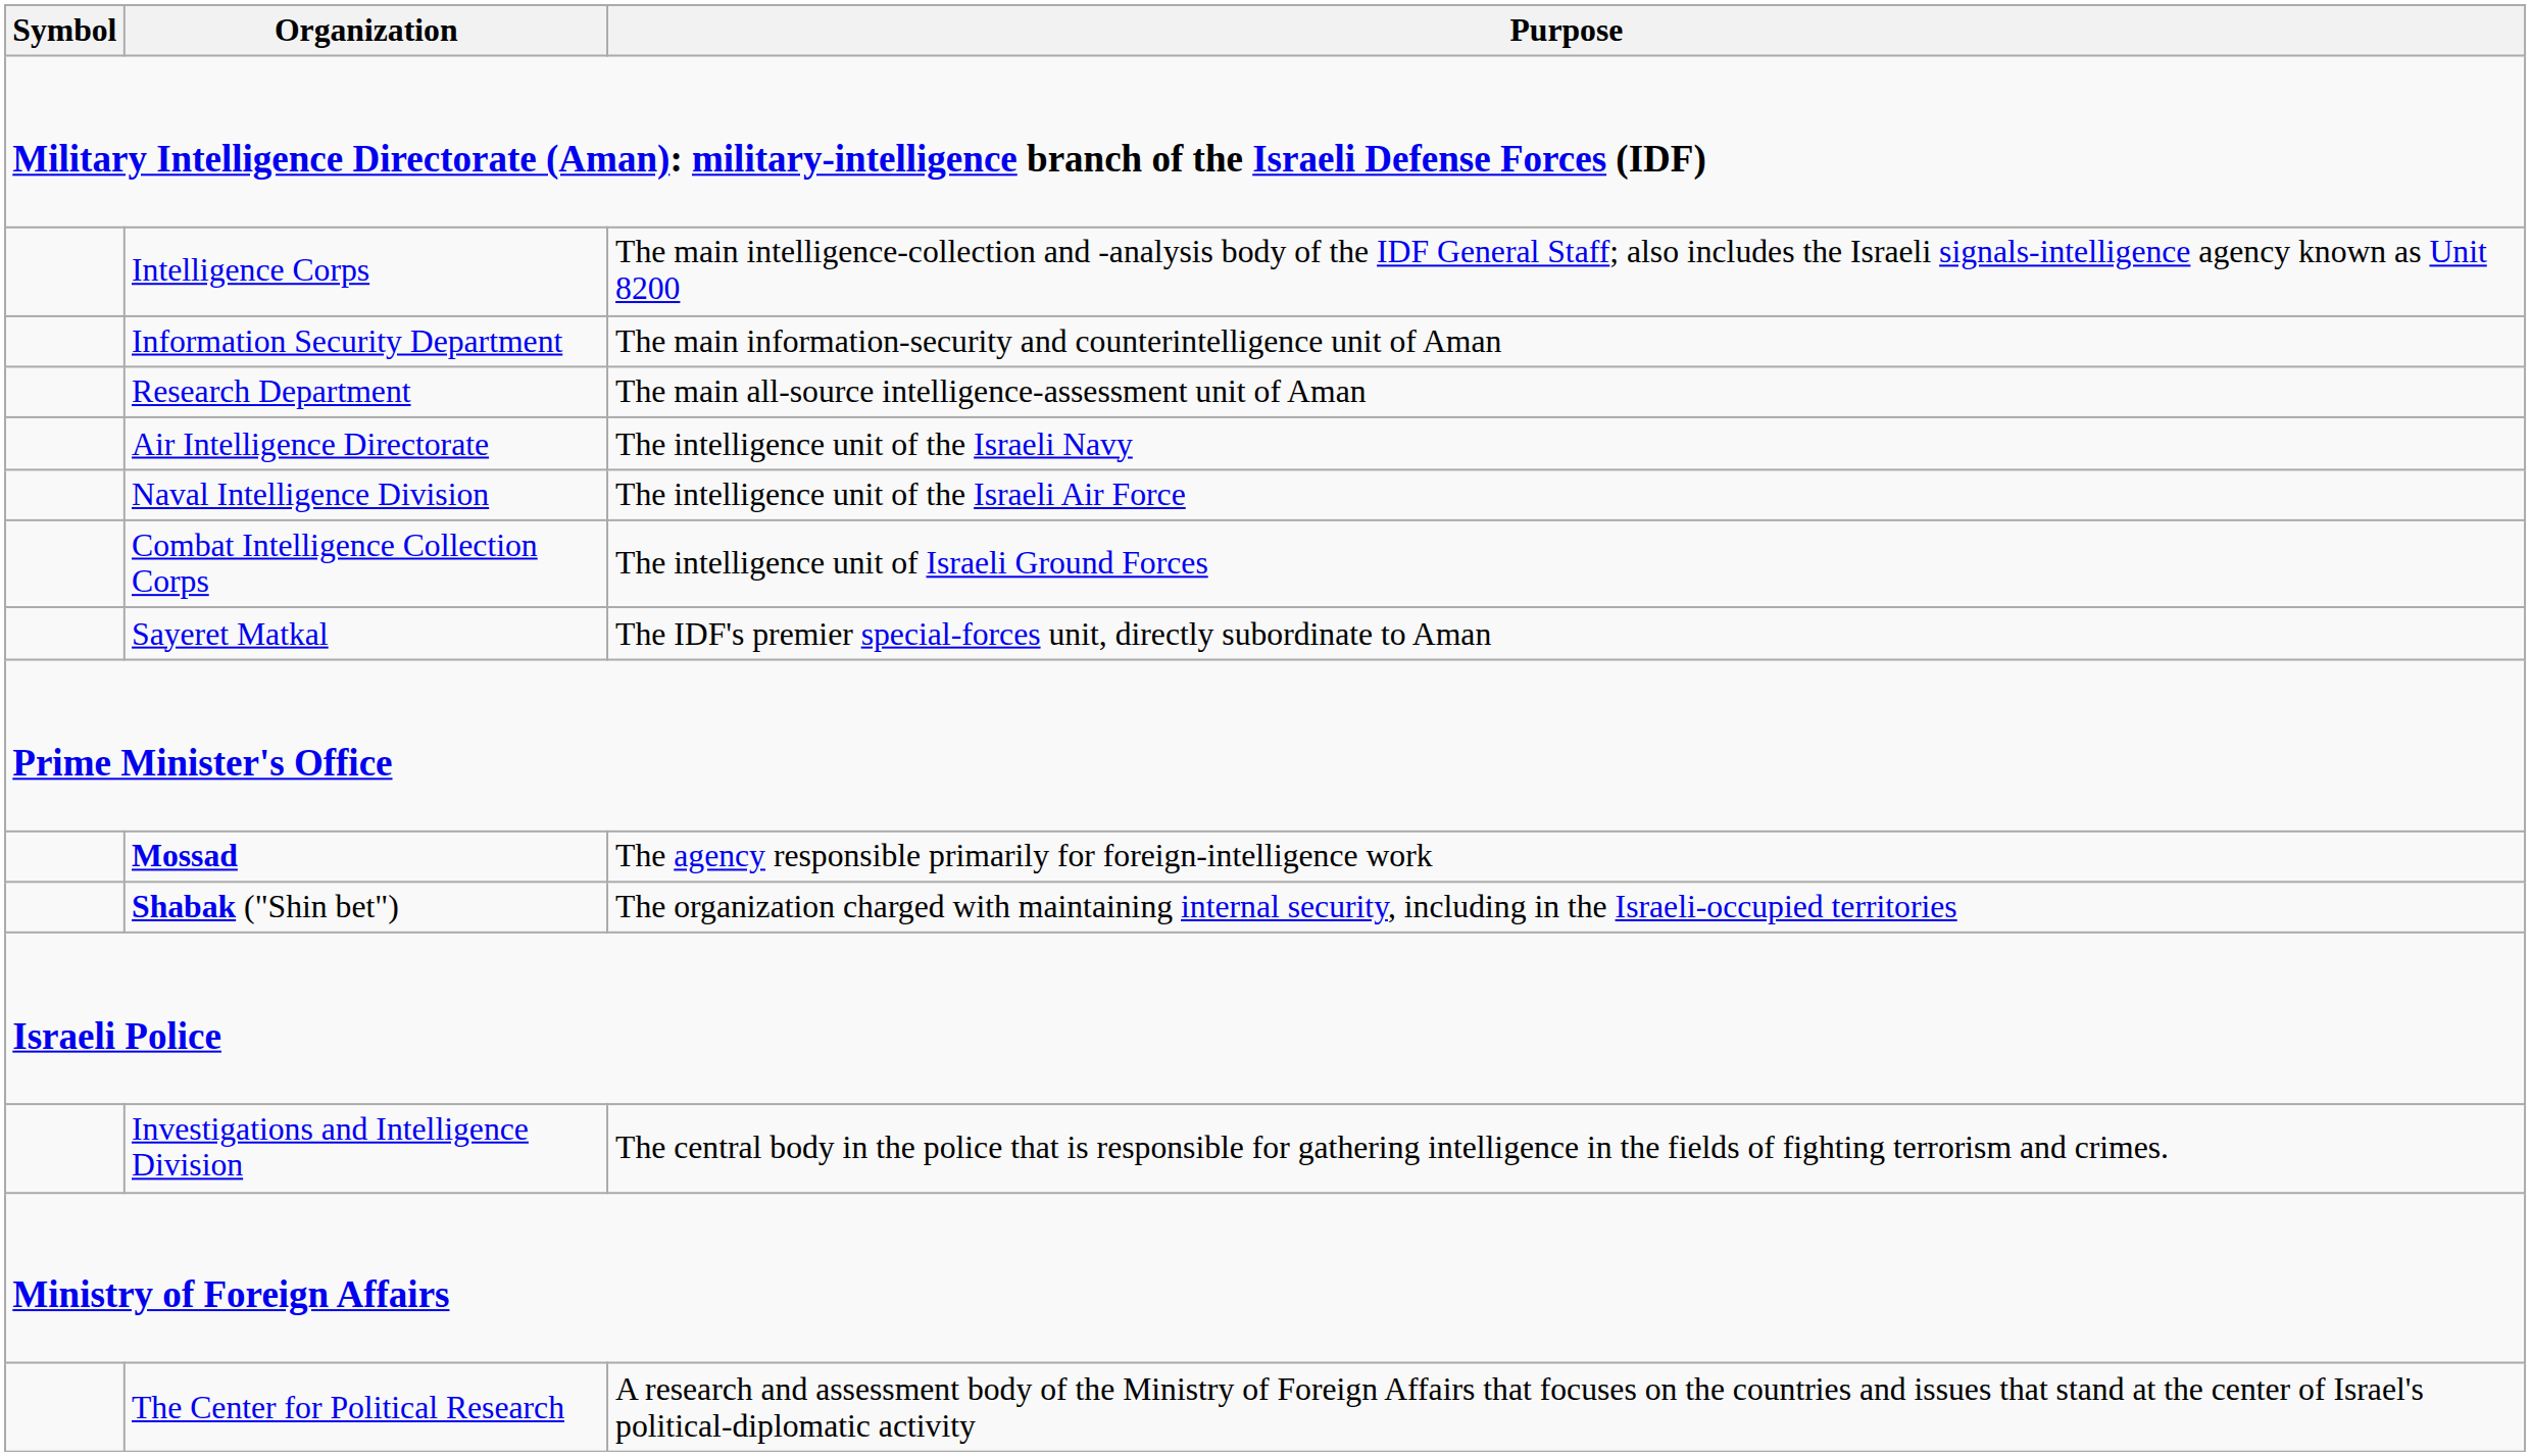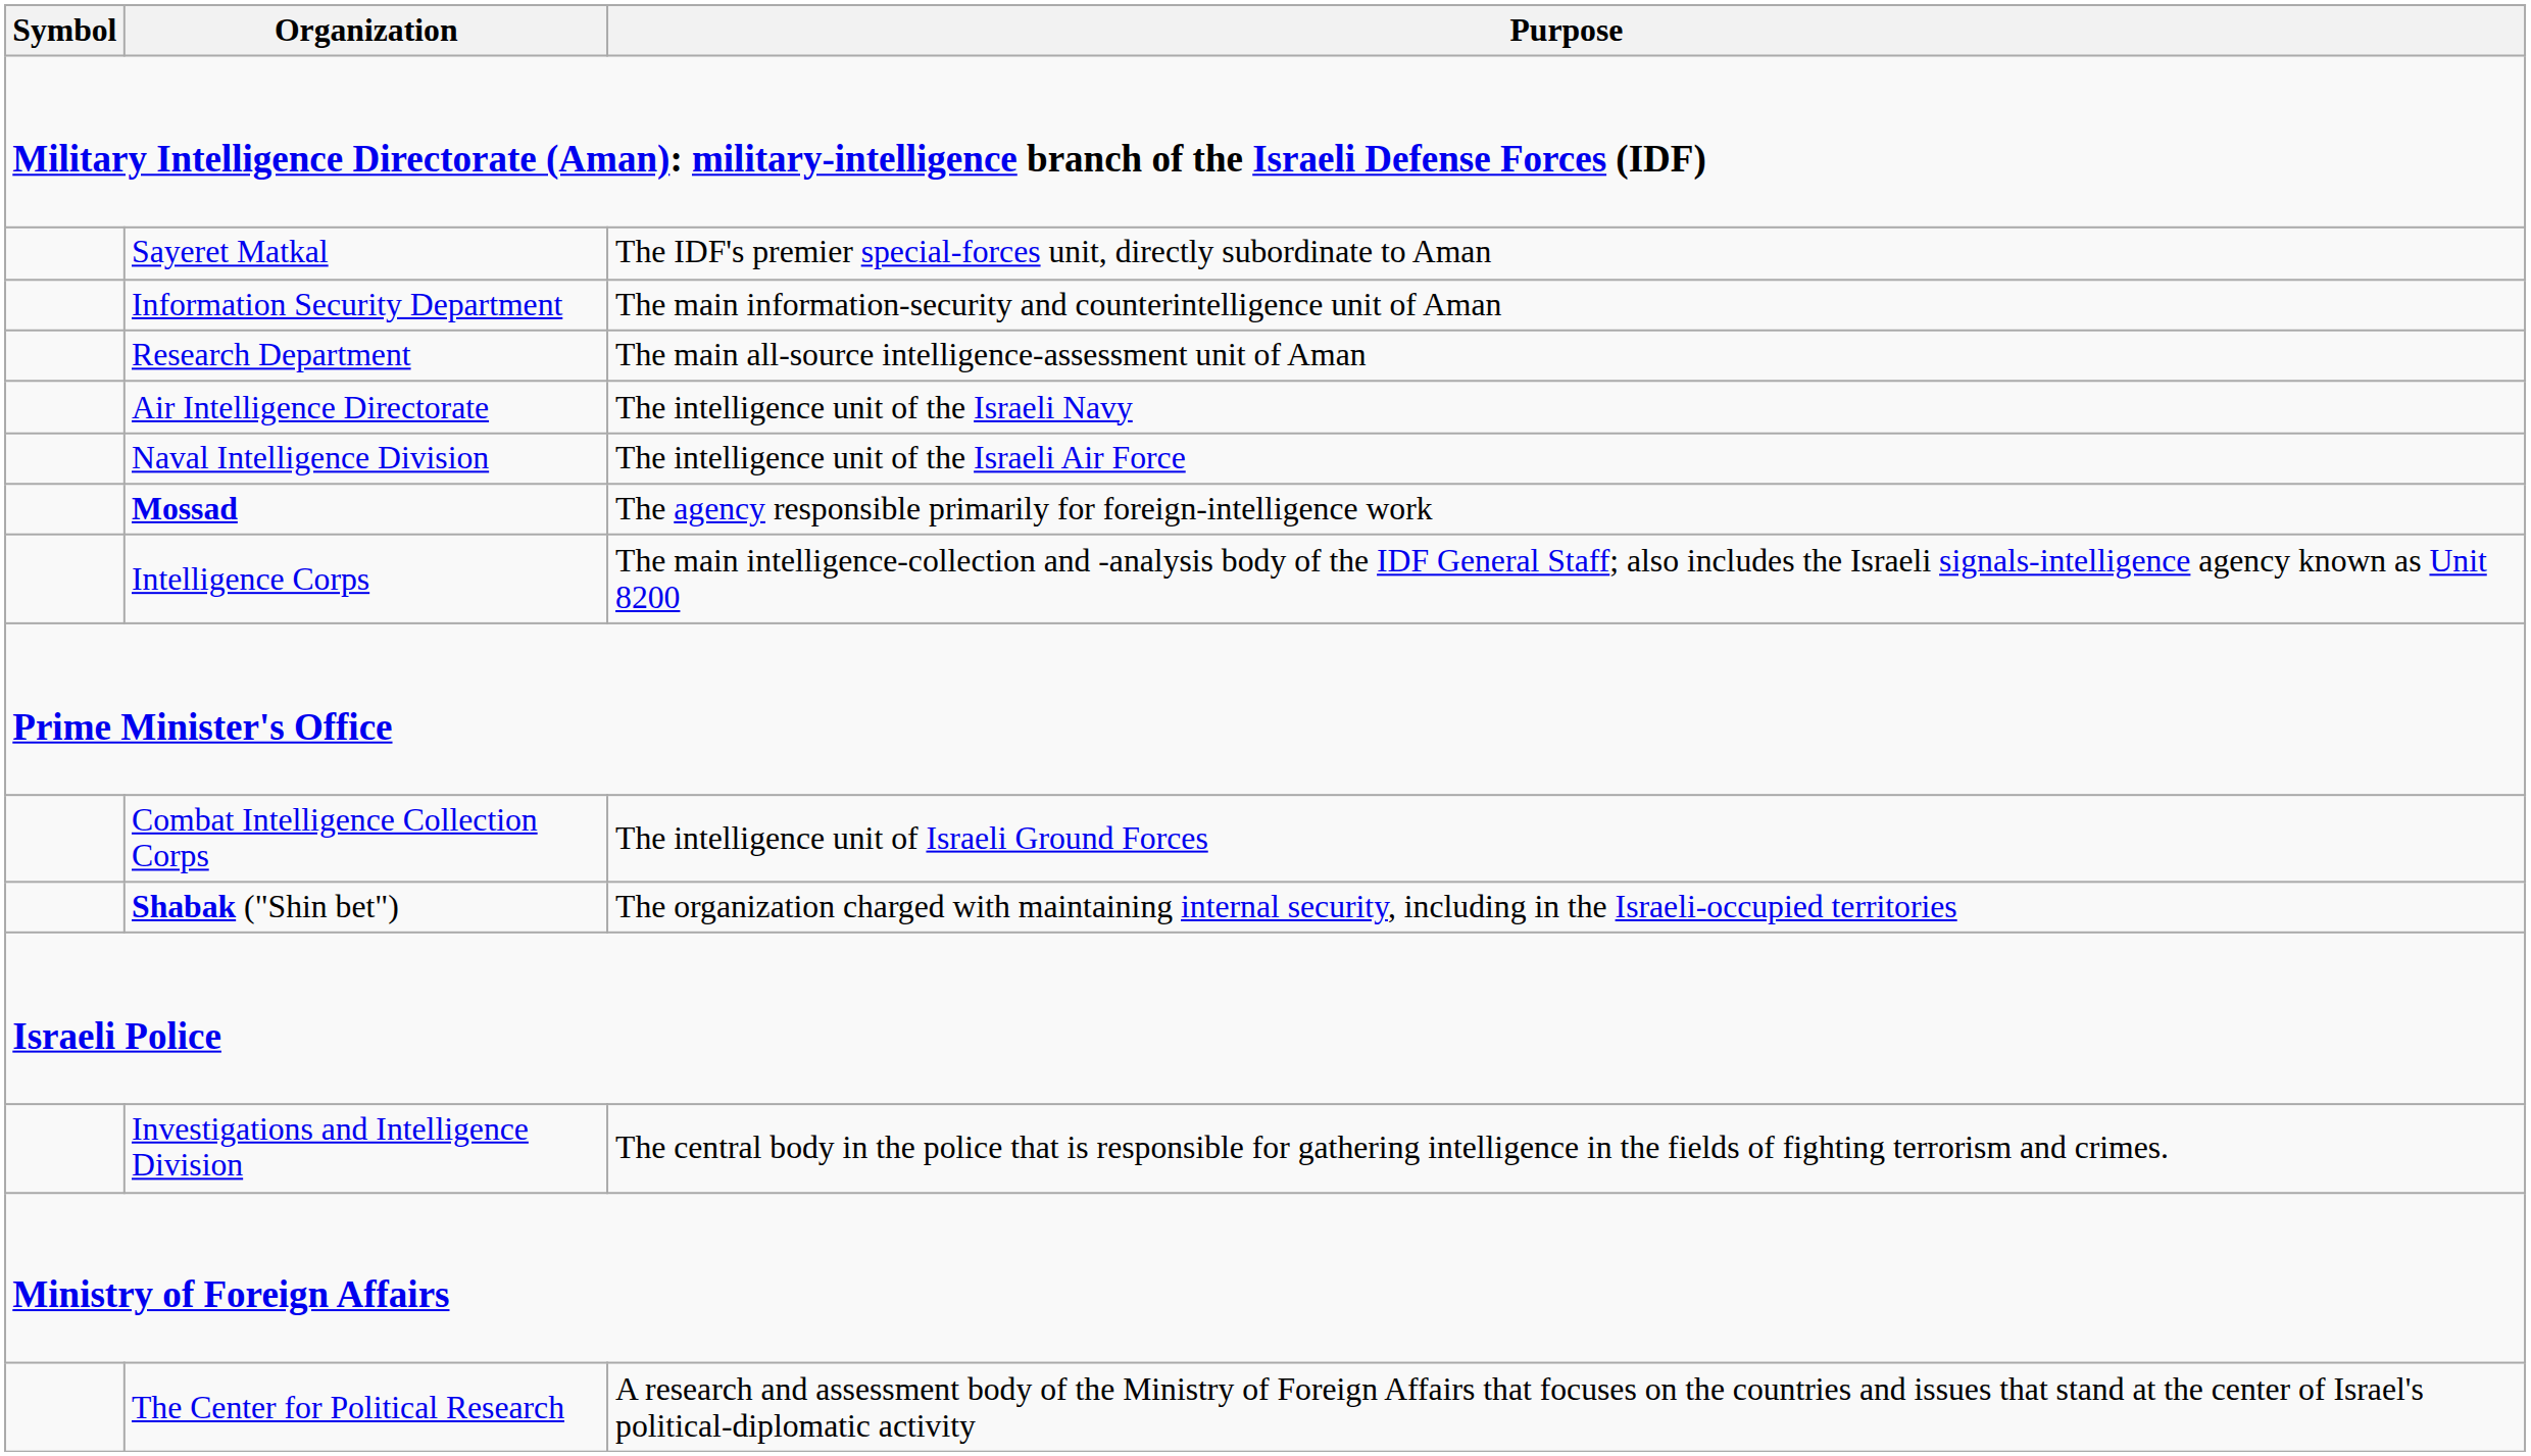 <table class="wikitable">
 <tr>
 <th>Symbol</th>
 <th>Organization</th>
 <th>Purpose</th>
 </tr>
 <tr>
 <td colspan="3"><br><h3><a href='#'>Military Intelligence Directorate (Aman)</a>: <a href='#'>military-intelligence</a> branch of the <a href='#'>Israeli Defense Forces</a> (IDF)</h3></td>
 </tr>
 <tr>
 <td></td>
-<td><a href='#'>Intelligence Corps</a></td>
-<td>The main intelligence-collection and -analysis body of the <a href='#'>IDF General Staff</a>; also includes the Israeli <a href='#'>signals-intelligence</a> agency known as <a href='#'>Unit 8200</a></td>
+<td><a href='#'>Sayeret Matkal</a></td>
+<td>The IDF's premier <a href='#'>special-forces</a> unit, directly subordinate to Aman</td>
 </tr>
 <tr>
 <td></td>
 <td><a href='#'>Information Security Department</a></td>
 <td>The main information-security and counterintelligence unit of Aman</td>
 </tr>
 <tr>
 <td></td>
 <td><a href='#'>Research Department</a></td>
 <td>The main all-source intelligence-assessment unit of Aman</td>
 </tr>
 <tr>
 <td></td>
 <td><a href='#'>Air Intelligence Directorate</a></td>
 <td>The intelligence unit of the <a href='#'>Israeli Navy</a></td>
 </tr>
 <tr>
 <td></td>
 <td><a href='#'>Naval Intelligence Division</a></td>
 <td>The intelligence unit of the <a href='#'>Israeli Air Force</a></td>
 </tr>
 <tr>
 <td></td>
-<td><a href='#'>Combat Intelligence Collection Corps</a></td>
-<td>The intelligence unit of <a href='#'>Israeli Ground Forces</a></td>
+<td><strong><a href='#'>Mossad</a></strong></td>
+<td>The <a href='#'>agency</a> responsible primarily for foreign-intelligence work</td>
 </tr>
 <tr>
 <td></td>
-<td><a href='#'>Sayeret Matkal</a></td>
-<td>The IDF's premier <a href='#'>special-forces</a> unit, directly subordinate to Aman</td>
+<td><a href='#'>Intelligence Corps</a></td>
+<td>The main intelligence-collection and -analysis body of the <a href='#'>IDF General Staff</a>; also includes the Israeli <a href='#'>signals-intelligence</a> agency known as <a href='#'>Unit 8200</a></td>
 </tr>
 <tr>
 <td colspan="3"><br><h3><a href='#'>Prime Minister's Office</a></h3></td>
 </tr>
 <tr>
 <td></td>
-<td><strong><a href='#'>Mossad</a></strong></td>
-<td>The <a href='#'>agency</a> responsible primarily for foreign-intelligence work</td>
+<td><a href='#'>Combat Intelligence Collection Corps</a></td>
+<td>The intelligence unit of <a href='#'>Israeli Ground Forces</a></td>
 </tr>
 <tr>
 <td></td>
 <td><strong><a href='#'>Shabak</a></strong> ("Shin bet")</td>
 <td>The organization charged with maintaining <a href='#'>internal security</a>, including in the <a href='#'>Israeli-occupied territories</a></td>
 </tr>
 <tr>
 <td colspan="3"><br><h3><a href='#'>Israeli Police</a></h3></td>
 </tr>
 <tr>
 <td></td>
 <td><a href='#'>Investigations and Intelligence Division</a></td>
 <td>The central body in the police that is responsible for gathering intelligence in the fields of fighting terrorism and crimes.</td>
 </tr>
 <tr>
 <td colspan="3"><br><h3><a href='#'>Ministry of Foreign Affairs</a></h3></td>
 </tr>
 <tr>
 <td></td>
 <td><a href='#'>The Center for Political Research</a></td>
 <td>A research and assessment body of the Ministry of Foreign Affairs that focuses on the countries and issues that stand at the center of Israel's political-diplomatic activity</td>
 </tr>
 </table>
